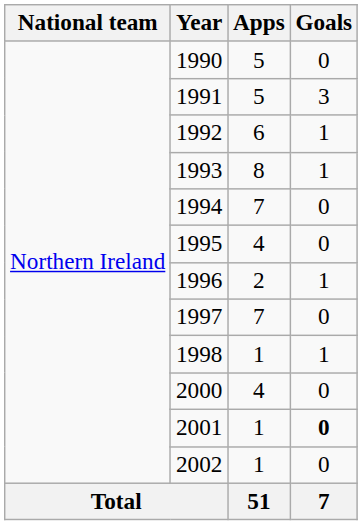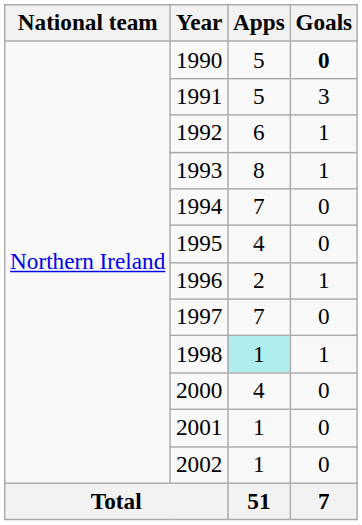 <table class="wikitable" style="text-align:center">
 <tr>
 <th>National team</th>
 <th>Year</th>
 <th>Apps</th>
 <th>Goals</th>
 </tr>
 <tr>
 <td rowspan="12"><a href='#'>Northern Ireland</a></td>
 <td>1990</td>
 <td>5</td>
-<td>0</td>
+<td><strong>0</strong></td>
 </tr>
 <tr>
 <td>1991</td>
 <td>5</td>
 <td>3</td>
 </tr>
 <tr>
 <td>1992</td>
 <td>6</td>
 <td>1</td>
 </tr>
 <tr>
 <td>1993</td>
 <td>8</td>
 <td>1</td>
 </tr>
 <tr>
 <td>1994</td>
 <td>7</td>
 <td>0</td>
 </tr>
 <tr>
 <td>1995</td>
 <td>4</td>
 <td>0</td>
 </tr>
 <tr>
 <td>1996</td>
 <td>2</td>
 <td>1</td>
 </tr>
 <tr>
 <td>1997</td>
 <td>7</td>
 <td>0</td>
 </tr>
 <tr>
 <td>1998</td>
-<td>1</td>
+<td style="background: paleturquoise;">1</td>
 <td>1</td>
 </tr>
 <tr>
 <td>2000</td>
 <td>4</td>
 <td>0</td>
 </tr>
 <tr>
 <td>2001</td>
 <td>1</td>
-<td><strong>0</strong></td>
+<td>0</td>
 </tr>
 <tr>
 <td>2002</td>
 <td>1</td>
 <td>0</td>
 </tr>
 <tr>
 <th colspan="2">Total</th>
 <th>51</th>
 <th>7</th>
 </tr>
 </table>
